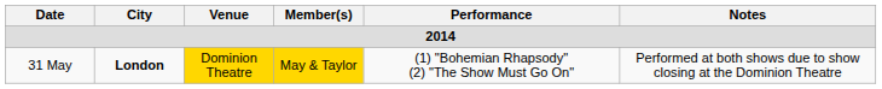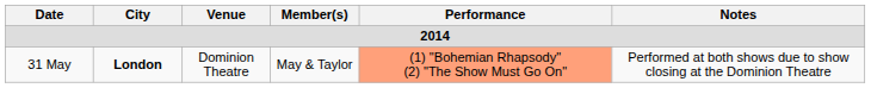 <table class="wikitable" style="text-align:center;">
 <tr>
 <th style="width:100px;">Date</th>
 <th style="width:100px;">City</th>
 <th style="width:100px;">Venue</th>
 <th style="width:100px;">Member(s)</th>
 <th style="width:300px;">Performance</th>
 <th style="width:300px;">Notes</th>
 </tr>
 <tr style="background:#ddd;">
 <td colspan="6"><strong>2014</strong></td>
 </tr>
 <tr>
 <td>31 May</td>
 <td><strong>London</strong></td>
-<td style="background: gold;">Dominion Theatre</td>
-<td style="background: gold;">May & Taylor</td>
-<td>(1) "Bohemian Rhapsody" <br> (2) "The Show Must Go On"</td>
+<td>Dominion Theatre</td>
+<td>May & Taylor</td>
+<td style="background: lightsalmon;">(1) "Bohemian Rhapsody" <br> (2) "The Show Must Go On"</td>
 <td>Performed at both shows due to show closing at the Dominion Theatre</td>
 </tr>
 </table>
